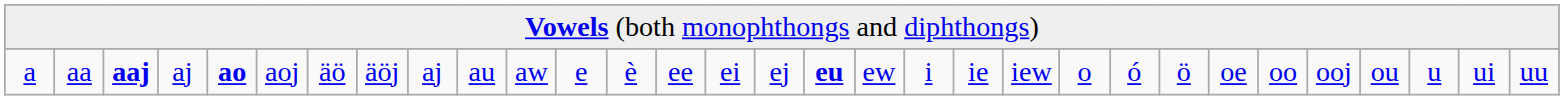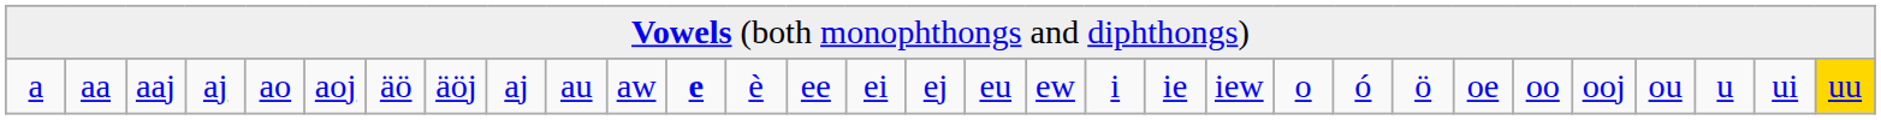 <table class="wikitable" style="margin:1em auto; border-collapse:collapse;">
 <tr>
 <td bgcolor="#EFEFEF" align="center" colspan="31"><strong><a href='#'>Vowels</a></strong> (both <a href='#'>monophthongs</a> and <a href='#'>diphthongs</a>)</td>
 </tr>
 <tr>
 <td width=3% align="center"><a href='#'>a</a></td>
 <td width=3% align="center"><a href='#'>aa</a></td>
-<td width=3% align="center"><strong><a href='#'>aaj</a></strong></td>
+<td width=3% align="center"><a href='#'>aaj</a></td>
 <td width=3% align="center"><a href='#'>aj</a></td>
-<td width=3% align="center"><strong><a href='#'>ao</a></strong></td>
+<td width=3% align="center"><a href='#'>ao</a></td>
 <td width=3% align="center"><a href='#'>aoj</a></td>
 <td width=3% align="center"><a href='#'>äö</a></td>
 <td width=3% align="center"><a href='#'>äöj</a></td>
 <td width=3% align="center"><a href='#'>aj</a></td>
 <td width=3% align="center"><a href='#'>au</a></td>
 <td width=3% align="center"><a href='#'>aw</a></td>
-<td width=3% align="center"><a href='#'>e</a></td>
+<td width=3% align="center"><strong><a href='#'>e</a></strong></td>
 <td width=3% align="center"><a href='#'>è</a></td>
 <td width=3% align="center"><a href='#'>ee</a></td>
 <td width=3% align="center"><a href='#'>ei</a></td>
 <td width=3% align="center"><a href='#'>ej</a></td>
-<td width=3% align="center"><strong><a href='#'>eu</a></strong></td>
+<td width=3% align="center"><a href='#'>eu</a></td>
 <td width=3% align="center"><a href='#'>ew</a></td>
 <td width=3% align="center"><a href='#'>i</a></td>
 <td width=3% align="center"><a href='#'>ie</a></td>
 <td width=3% align="center"><a href='#'>iew</a></td>
 <td width=3% align="center"><a href='#'>o</a></td>
 <td width=3% align="center"><a href='#'>ó</a></td>
 <td width=3% align="center"><a href='#'>ö</a></td>
 <td width=3% align="center"><a href='#'>oe</a></td>
 <td width=3% align="center"><a href='#'>oo</a></td>
 <td width=3% align="center"><a href='#'>ooj</a></td>
 <td width=3% align="center"><a href='#'>ou</a></td>
 <td width=3% align="center"><a href='#'>u</a></td>
 <td width=3% align="center"><a href='#'>ui</a></td>
-<td width=3% align="center"><a href='#'>uu</a></td>
+<td width=3% align="center" style="background: gold;"><a href='#'>uu</a></td>
 </tr>
 </table>
